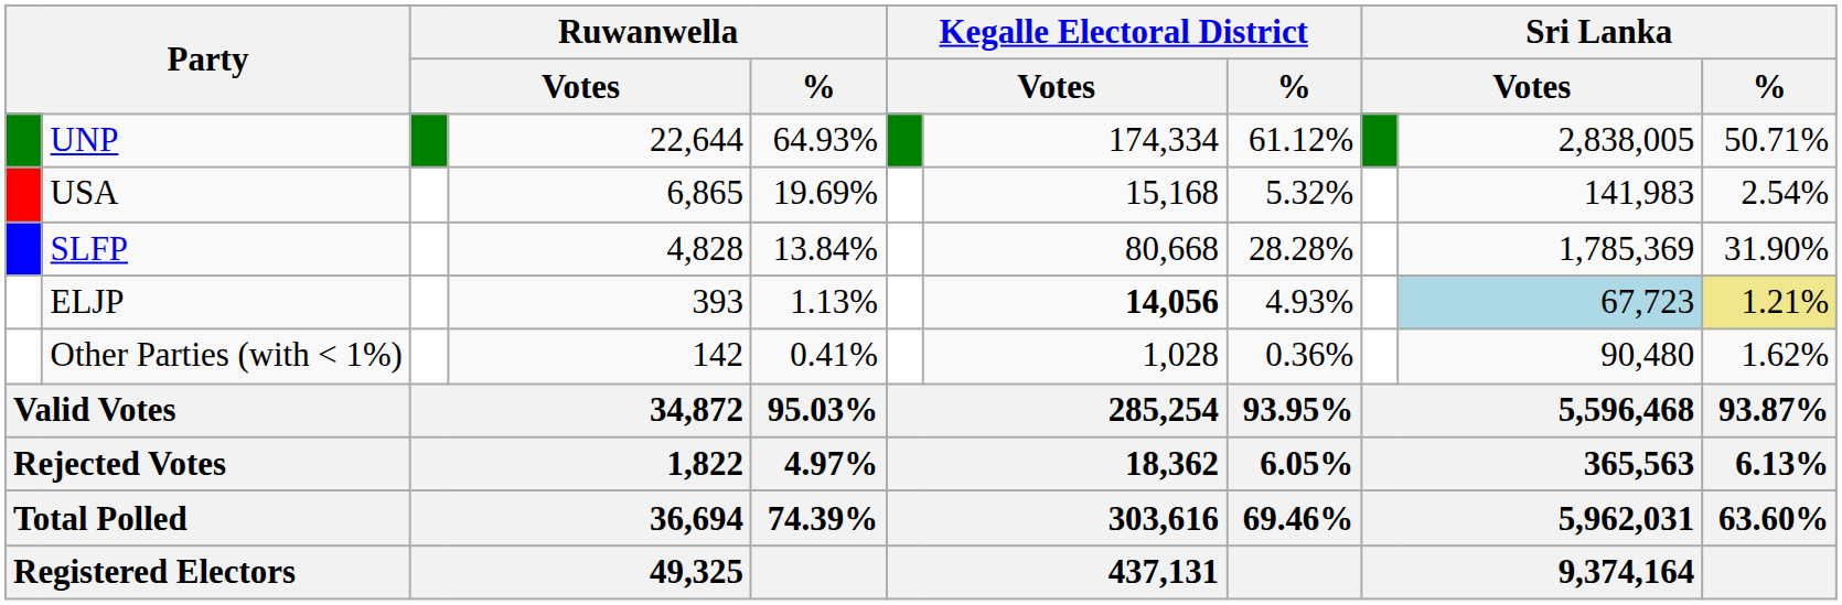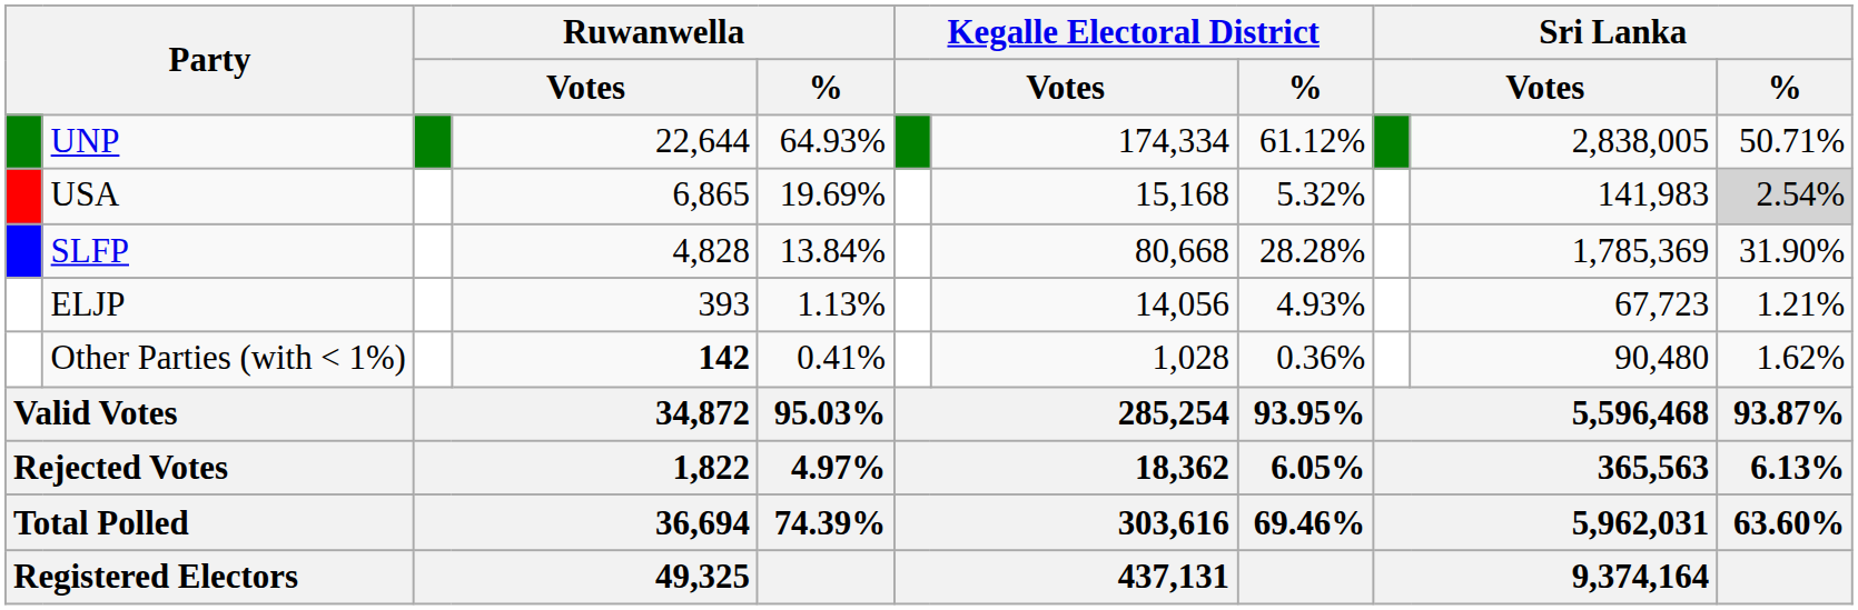 <table class="wikitable">
 <tr>
 <th colspan="2" width="144px"rowspan="2">Party</th>
 <th colspan="3" width="216px">Ruwanwella</th>
 <th colspan="3" width="216px"><a href='#'>Kegalle Electoral District</a></th>
 <th colspan="3" width="216px">Sri Lanka</th>
 </tr>
 <tr>
 <th colspan="2" width="144px">Votes</th>
 <th>%</th>
 <th colspan="2" width="144px">Votes</th>
 <th>%</th>
 <th colspan="2" width="144px">Votes</th>
 <th>%</th>
 </tr>
 <tr>
 <td style="background-color:green;" width="10px"></td>
 <td style="text-align:left;"><a href='#'>UNP</a></td>
 <td style="background-color:green;" width="10px"></td>
 <td style="text-align:right;">22,644</td>
 <td style="text-align:right;">64.93%</td>
 <td style="background-color:green;" width="10px"></td>
 <td style="text-align:right;">174,334</td>
 <td style="text-align:right;">61.12%</td>
 <td style="background-color:green;" width="10px"></td>
 <td style="text-align:right;">2,838,005</td>
 <td style="text-align:right;">50.71%</td>
 </tr>
 <tr>
 <td style="background-color:red;" width="10px"></td>
 <td style="text-align:left;">USA</td>
 <td style="background-color:white;" width="10px"></td>
 <td style="text-align:right;">6,865</td>
 <td style="text-align:right;">19.69%</td>
 <td style="background-color:white;" width="10px"></td>
 <td style="text-align:right;">15,168</td>
 <td style="text-align:right;">5.32%</td>
 <td style="background-color:white;" width="10px"></td>
 <td style="text-align:right;">141,983</td>
-<td style="text-align:right;">2.54%</td>
+<td style="background: lightgrey; text-align:right;">2.54%</td>
 </tr>
 <tr>
 <td style="background-color:blue;" width="10px"></td>
 <td style="text-align:left;"><a href='#'>SLFP</a></td>
 <td style="background-color:white;" width="10px"></td>
 <td style="text-align:right;">4,828</td>
 <td style="text-align:right;">13.84%</td>
 <td style="background-color:white;" width="10px"></td>
 <td style="text-align:right;">80,668</td>
 <td style="text-align:right;">28.28%</td>
 <td style="background-color:white;" width="10px"></td>
 <td style="text-align:right;">1,785,369</td>
 <td style="text-align:right;">31.90%</td>
 </tr>
 <tr>
 <td style="background-color:white;" width="10px"></td>
 <td style="text-align:left;">ELJP</td>
 <td style="background-color:white;" width="10px"></td>
 <td style="text-align:right;">393</td>
 <td style="text-align:right;">1.13%</td>
 <td style="background-color:white;" width="10px"></td>
-<td style="text-align:right;"><strong>14,056</strong></td>
+<td style="text-align:right;">14,056</td>
 <td style="text-align:right;">4.93%</td>
 <td style="background-color:white;" width="10px"></td>
-<td style="background: lightblue; text-align:right;">67,723</td>
-<td style="background: khaki; text-align:right;">1.21%</td>
+<td style="text-align:right;">67,723</td>
+<td style="text-align:right;">1.21%</td>
 </tr>
 <tr>
 <td style="background-color:white;" width="10px"></td>
 <td style="text-align:left;">Other Parties (with < 1%)</td>
 <td style="background-color:white;" width="10px"></td>
-<td style="text-align:right;">142</td>
+<td style="text-align:right;"><strong>142</strong></td>
 <td style="text-align:right;">0.41%</td>
 <td style="background-color:white;" width="10px"></td>
 <td style="text-align:right;">1,028</td>
 <td style="text-align:right;">0.36%</td>
 <td style="background-color:white;" width="10px"></td>
 <td style="text-align:right;">90,480</td>
 <td style="text-align:right;">1.62%</td>
 </tr>
 <tr>
 <th colspan="2" width="144px"style="text-align:left;">Valid Votes</th>
 <th style="text-align:right;"colspan="2" width="144px">34,872</th>
 <th style="text-align:right;">95.03%</th>
 <th style="text-align:right;"colspan="2" width="144px">285,254</th>
 <th style="text-align:right;">93.95%</th>
 <th style="text-align:right;"colspan="2" width="144px">5,596,468</th>
 <th style="text-align:right;">93.87%</th>
 </tr>
 <tr>
 <th colspan="2" width="144px"style="text-align:left;">Rejected Votes</th>
 <th style="text-align:right;"colspan="2" width="144px">1,822</th>
 <th style="text-align:right;">4.97%</th>
 <th style="text-align:right;"colspan="2" width="144px">18,362</th>
 <th style="text-align:right;">6.05%</th>
 <th style="text-align:right;"colspan="2" width="144px">365,563</th>
 <th style="text-align:right;">6.13%</th>
 </tr>
 <tr>
 <th colspan="2" width="144px"style="text-align:left;">Total Polled</th>
 <th style="text-align:right;"colspan="2" width="144px">36,694</th>
 <th style="text-align:right;">74.39%</th>
 <th style="text-align:right;"colspan="2" width="144px">303,616</th>
 <th style="text-align:right;">69.46%</th>
 <th style="text-align:right;"colspan="2" width="144px">5,962,031</th>
 <th style="text-align:right;">63.60%</th>
 </tr>
 <tr>
 <th colspan="2" width="144px"style="text-align:left;">Registered Electors</th>
 <th style="text-align:right;"colspan="2" width="144px">49,325</th>
 <th></th>
 <th style="text-align:right;"colspan="2" width="144px">437,131</th>
 <th></th>
 <th style="text-align:right;"colspan="2" width="144px">9,374,164</th>
 <th></th>
 </tr>
 </table>
